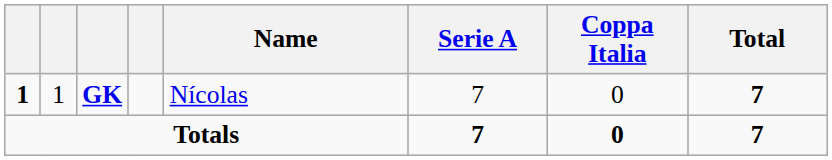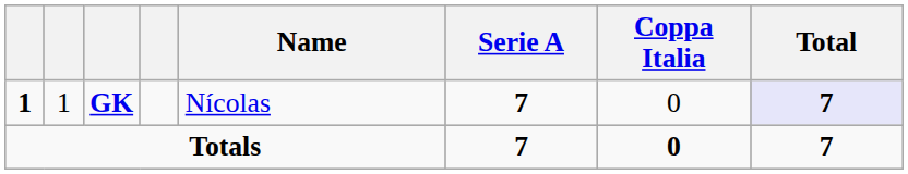 <table class="wikitable" style="text-align:center">
 <tr>
 <th width=15></th>
 <th width=15></th>
 <th width=15></th>
 <th width=15></th>
 <th width=145>Name</th>
 <th width=80><strong><a href='#'>Serie A</a></strong></th>
 <th width=80><strong><a href='#'>Coppa Italia</a></strong></th>
 <th width=80>Total</th>
 </tr>
 <tr>
 <td><strong>1</strong></td>
 <td>1</td>
 <td><strong><a href='#'>GK</a></strong></td>
 <td></td>
 <td align=left><a href='#'>Nícolas</a></td>
-<td>7</td>
+<td><strong>7</strong></td>
 <td>0</td>
-<td><strong>7</strong></td>
+<td style="background: lavender;"><strong>7</strong></td>
 </tr>
 <tr>
 <td colspan=5><strong>Totals</strong></td>
 <td><strong>7</strong></td>
 <td><strong>0</strong></td>
 <td><strong>7</strong></td>
 </tr>
 </table>
